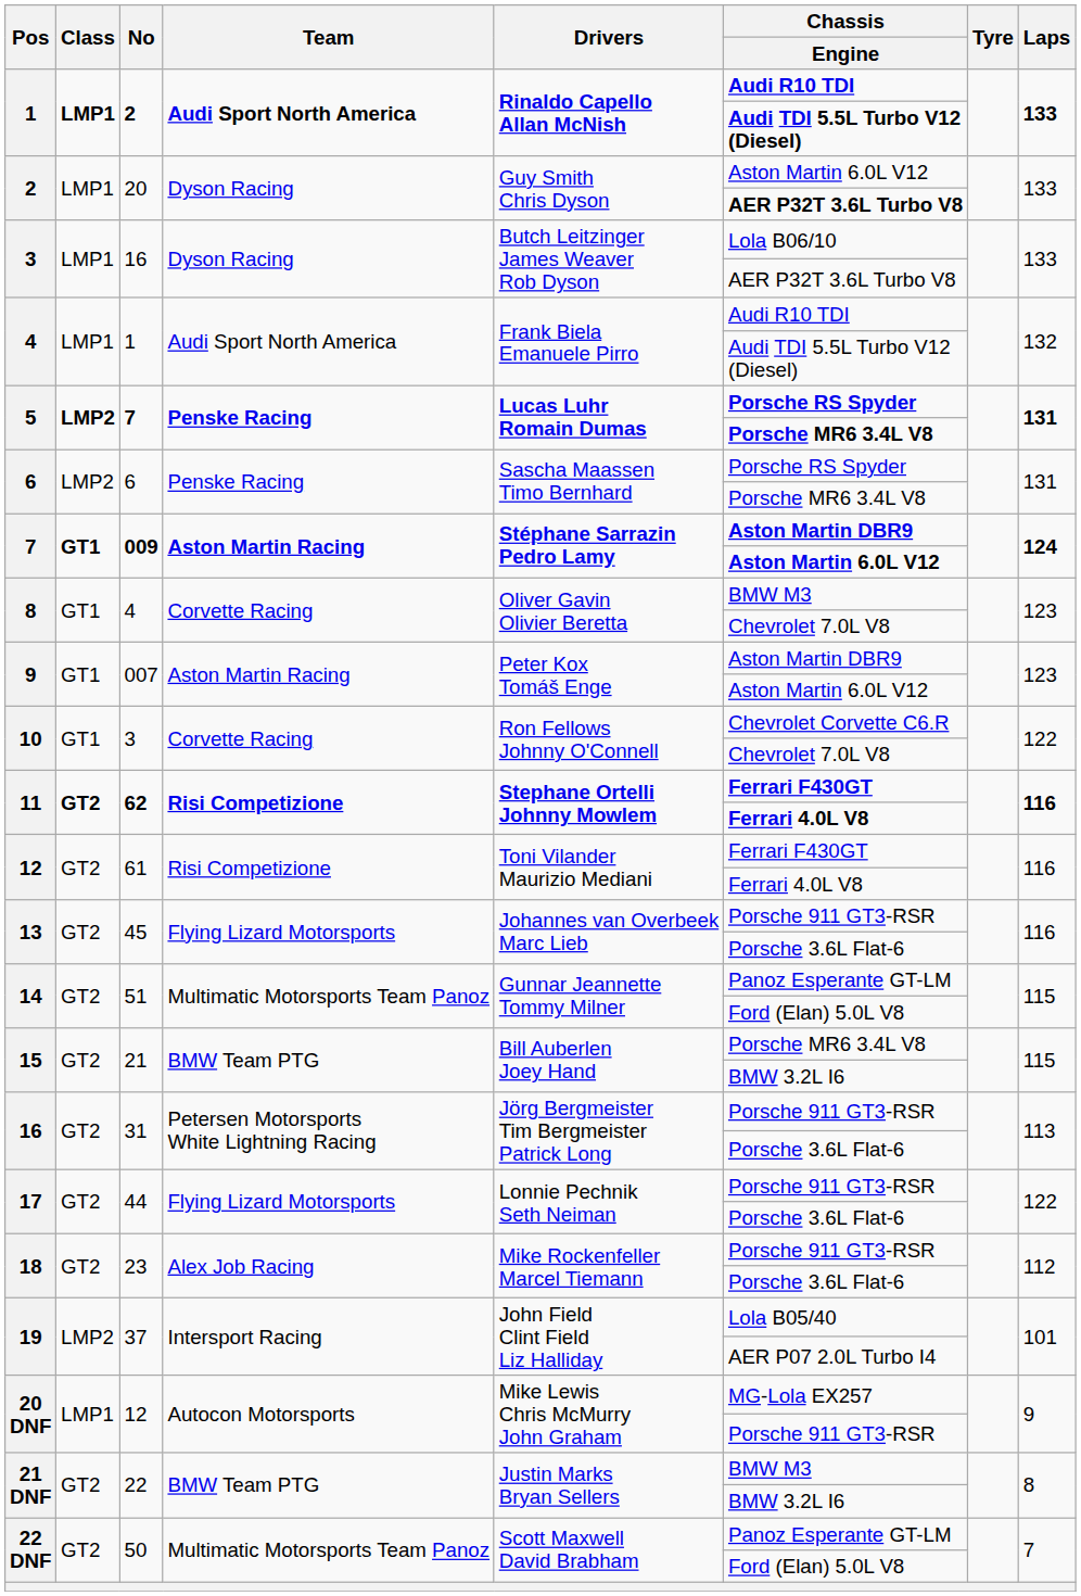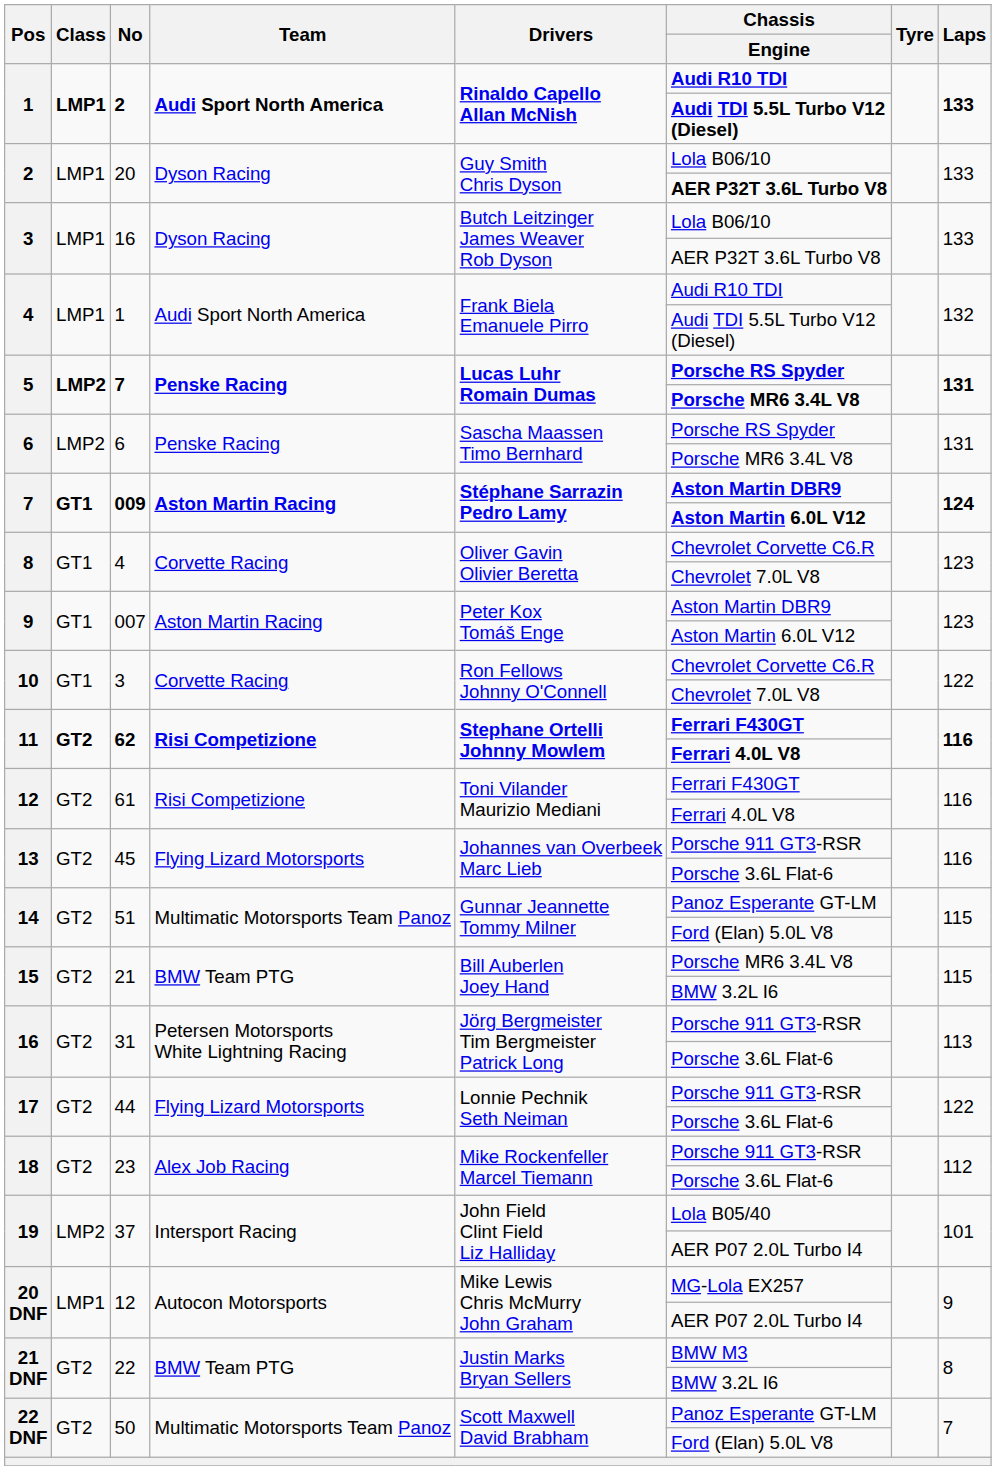 <table class="wikitable" style="font-size: 95%;">
 <tr>
 <th rowspan=2>Pos</th>
 <th rowspan=2>Class</th>
 <th rowspan=2>No</th>
 <th rowspan=2>Team</th>
 <th rowspan=2>Drivers</th>
 <th>Chassis</th>
 <th rowspan=2>Tyre</th>
 <th rowspan=2>Laps</th>
 </tr>
 <tr>
 <th>Engine</th>
 </tr>
 <tr style="font-weight:bold">
 <th rowspan=2>1</th>
 <td rowspan=2>LMP1</td>
 <td rowspan=2>2</td>
 <td rowspan=2> <a href='#'>Audi</a> Sport North America</td>
 <td rowspan=2> <a href='#'>Rinaldo Capello</a><br> <a href='#'>Allan McNish</a></td>
 <td><a href='#'>Audi R10 TDI</a></td>
 <td rowspan=2></td>
 <td rowspan=2>133</td>
 </tr>
 <tr style="font-weight:bold">
 <td><a href='#'>Audi</a> <a href='#'>TDI</a> 5.5L Turbo V12<br>(Diesel)</td>
 </tr>
 <tr>
 <th rowspan=2>2</th>
 <td rowspan=2>LMP1</td>
 <td rowspan=2>20</td>
 <td rowspan=2> <a href='#'>Dyson Racing</a></td>
 <td rowspan=2> <a href='#'>Guy Smith</a><br> <a href='#'>Chris Dyson</a></td>
-<td><a href='#'>Aston Martin</a> 6.0L V12</td>
+<td><a href='#'>Lola</a> B06/10</td>
 <td rowspan=2></td>
 <td rowspan=2>133</td>
 </tr>
 <tr>
 <td><strong>AER P32T 3.6L Turbo V8</strong></td>
 </tr>
 <tr>
 <th rowspan=2>3</th>
 <td rowspan=2>LMP1</td>
 <td rowspan=2>16</td>
 <td rowspan=2> <a href='#'>Dyson Racing</a></td>
 <td rowspan=2> <a href='#'>Butch Leitzinger</a><br> <a href='#'>James Weaver</a><br> <a href='#'>Rob Dyson</a></td>
 <td><a href='#'>Lola</a> B06/10</td>
 <td rowspan=2></td>
 <td rowspan=2>133</td>
 </tr>
 <tr>
 <td>AER P32T 3.6L Turbo V8</td>
 </tr>
 <tr>
 <th rowspan=2>4</th>
 <td rowspan=2>LMP1</td>
 <td rowspan=2>1</td>
 <td rowspan=2> <a href='#'>Audi</a> Sport North America</td>
 <td rowspan=2> <a href='#'>Frank Biela</a><br> <a href='#'>Emanuele Pirro</a></td>
 <td><a href='#'>Audi R10 TDI</a></td>
 <td rowspan=2></td>
 <td rowspan=2>132</td>
 </tr>
 <tr>
 <td><a href='#'>Audi</a> <a href='#'>TDI</a> 5.5L Turbo V12<br>(Diesel)</td>
 </tr>
 <tr style="font-weight:bold">
 <th rowspan=2>5</th>
 <td rowspan=2>LMP2</td>
 <td rowspan=2>7</td>
 <td rowspan=2> <a href='#'>Penske Racing</a></td>
 <td rowspan=2> <a href='#'>Lucas Luhr</a><br> <a href='#'>Romain Dumas</a></td>
 <td><a href='#'>Porsche RS Spyder</a></td>
 <td rowspan=2></td>
 <td rowspan=2>131</td>
 </tr>
 <tr style="font-weight:bold">
 <td><a href='#'>Porsche</a> MR6 3.4L V8</td>
 </tr>
 <tr>
 <th rowspan=2>6</th>
 <td rowspan=2>LMP2</td>
 <td rowspan=2>6</td>
 <td rowspan=2> <a href='#'>Penske Racing</a></td>
 <td rowspan=2> <a href='#'>Sascha Maassen</a><br> <a href='#'>Timo Bernhard</a></td>
 <td><a href='#'>Porsche RS Spyder</a></td>
 <td rowspan=2></td>
 <td rowspan=2>131</td>
 </tr>
 <tr>
 <td><a href='#'>Porsche</a> MR6 3.4L V8</td>
 </tr>
 <tr style="font-weight:bold">
 <th rowspan=2>7</th>
 <td rowspan=2>GT1</td>
 <td rowspan=2>009</td>
 <td rowspan=2> <a href='#'>Aston Martin Racing</a></td>
 <td rowspan=2> <a href='#'>Stéphane Sarrazin</a><br> <a href='#'>Pedro Lamy</a></td>
 <td><a href='#'>Aston Martin DBR9</a></td>
 <td rowspan=2></td>
 <td rowspan=2>124</td>
 </tr>
 <tr style="font-weight:bold">
 <td><a href='#'>Aston Martin</a> 6.0L V12</td>
 </tr>
 <tr>
 <th rowspan=2>8</th>
 <td rowspan=2>GT1</td>
 <td rowspan=2>4</td>
 <td rowspan=2> <a href='#'>Corvette Racing</a></td>
 <td rowspan=2> <a href='#'>Oliver Gavin</a><br> <a href='#'>Olivier Beretta</a></td>
-<td><a href='#'>BMW M3</a></td>
+<td><a href='#'>Chevrolet Corvette C6.R</a></td>
 <td rowspan=2></td>
 <td rowspan=2>123</td>
 </tr>
 <tr>
 <td><a href='#'>Chevrolet</a> 7.0L V8</td>
 </tr>
 <tr>
 <th rowspan=2>9</th>
 <td rowspan=2>GT1</td>
 <td rowspan=2>007</td>
 <td rowspan=2> <a href='#'>Aston Martin Racing</a></td>
 <td rowspan=2> <a href='#'>Peter Kox</a><br> <a href='#'>Tomáš Enge</a></td>
 <td><a href='#'>Aston Martin DBR9</a></td>
 <td rowspan=2></td>
 <td rowspan=2>123</td>
 </tr>
 <tr>
 <td><a href='#'>Aston Martin</a> 6.0L V12</td>
 </tr>
 <tr>
 <th rowspan=2>10</th>
 <td rowspan=2>GT1</td>
 <td rowspan=2>3</td>
 <td rowspan=2> <a href='#'>Corvette Racing</a></td>
 <td rowspan=2> <a href='#'>Ron Fellows</a><br> <a href='#'>Johnny O'Connell</a></td>
 <td><a href='#'>Chevrolet Corvette C6.R</a></td>
 <td rowspan=2></td>
 <td rowspan=2>122</td>
 </tr>
 <tr>
 <td><a href='#'>Chevrolet</a> 7.0L V8</td>
 </tr>
 <tr style="font-weight:bold">
 <th rowspan=2>11</th>
 <td rowspan=2>GT2</td>
 <td rowspan=2>62</td>
 <td rowspan=2> <a href='#'>Risi Competizione</a></td>
 <td rowspan=2> <a href='#'>Stephane Ortelli</a><br> <a href='#'>Johnny Mowlem</a></td>
 <td><a href='#'>Ferrari F430GT</a></td>
 <td rowspan=2></td>
 <td rowspan=2>116</td>
 </tr>
 <tr style="font-weight:bold">
 <td><a href='#'>Ferrari</a> 4.0L V8</td>
 </tr>
 <tr>
 <th rowspan=2>12</th>
 <td rowspan=2>GT2</td>
 <td rowspan=2>61</td>
 <td rowspan=2> <a href='#'>Risi Competizione</a></td>
 <td rowspan=2> <a href='#'>Toni Vilander</a><br> Maurizio Mediani</td>
 <td><a href='#'>Ferrari F430GT</a></td>
 <td rowspan=2></td>
 <td rowspan=2>116</td>
 </tr>
 <tr>
 <td><a href='#'>Ferrari</a> 4.0L V8</td>
 </tr>
 <tr>
 <th rowspan=2>13</th>
 <td rowspan=2>GT2</td>
 <td rowspan=2>45</td>
 <td rowspan=2> <a href='#'>Flying Lizard Motorsports</a></td>
 <td rowspan=2> <a href='#'>Johannes van Overbeek</a><br> <a href='#'>Marc Lieb</a></td>
 <td><a href='#'>Porsche 911 GT3</a>-RSR</td>
 <td rowspan=2></td>
 <td rowspan=2>116</td>
 </tr>
 <tr>
 <td><a href='#'>Porsche</a> 3.6L Flat-6</td>
 </tr>
 <tr>
 <th rowspan=2>14</th>
 <td rowspan=2>GT2</td>
 <td rowspan=2>51</td>
 <td rowspan=2> Multimatic Motorsports Team <a href='#'>Panoz</a></td>
 <td rowspan=2> <a href='#'>Gunnar Jeannette</a><br> <a href='#'>Tommy Milner</a></td>
 <td><a href='#'>Panoz Esperante</a> GT-LM</td>
 <td rowspan=2></td>
 <td rowspan=2>115</td>
 </tr>
 <tr>
 <td><a href='#'>Ford</a> (Elan) 5.0L V8</td>
 </tr>
 <tr>
 <th rowspan=2>15</th>
 <td rowspan=2>GT2</td>
 <td rowspan=2>21</td>
 <td rowspan=2> <a href='#'>BMW</a> Team PTG</td>
 <td rowspan=2> <a href='#'>Bill Auberlen</a><br> <a href='#'>Joey Hand</a></td>
 <td><a href='#'>Porsche</a> MR6 3.4L V8</td>
 <td rowspan=2></td>
 <td rowspan=2>115</td>
 </tr>
 <tr>
 <td><a href='#'>BMW</a> 3.2L I6</td>
 </tr>
 <tr>
 <th rowspan=2>16</th>
 <td rowspan=2>GT2</td>
 <td rowspan=2>31</td>
 <td rowspan=2> Petersen Motorsports<br> White Lightning Racing</td>
 <td rowspan=2> <a href='#'>Jörg Bergmeister</a><br> Tim Bergmeister<br> <a href='#'>Patrick Long</a></td>
 <td><a href='#'>Porsche 911 GT3</a>-RSR</td>
 <td rowspan=2></td>
 <td rowspan=2>113</td>
 </tr>
 <tr>
 <td><a href='#'>Porsche</a> 3.6L Flat-6</td>
 </tr>
 <tr>
 <th rowspan=2>17</th>
 <td rowspan=2>GT2</td>
 <td rowspan=2>44</td>
 <td rowspan=2> <a href='#'>Flying Lizard Motorsports</a></td>
 <td rowspan=2> Lonnie Pechnik<br> <a href='#'>Seth Neiman</a></td>
 <td><a href='#'>Porsche 911 GT3</a>-RSR</td>
 <td rowspan=2></td>
 <td rowspan=2>122</td>
 </tr>
 <tr>
 <td><a href='#'>Porsche</a> 3.6L Flat-6</td>
 </tr>
 <tr>
 <th rowspan=2>18</th>
 <td rowspan=2>GT2</td>
 <td rowspan=2>23</td>
 <td rowspan=2> <a href='#'>Alex Job Racing</a></td>
 <td rowspan=2> <a href='#'>Mike Rockenfeller</a><br> <a href='#'>Marcel Tiemann</a></td>
 <td><a href='#'>Porsche 911 GT3</a>-RSR</td>
 <td rowspan=2></td>
 <td rowspan=2>112</td>
 </tr>
 <tr>
 <td><a href='#'>Porsche</a> 3.6L Flat-6</td>
 </tr>
 <tr>
 <th rowspan=2>19</th>
 <td rowspan=2>LMP2</td>
 <td rowspan=2>37</td>
 <td rowspan=2> Intersport Racing</td>
 <td rowspan=2> John Field<br> Clint Field<br> <a href='#'>Liz Halliday</a></td>
 <td><a href='#'>Lola</a> B05/40</td>
 <td rowspan=2></td>
 <td rowspan=2>101</td>
 </tr>
 <tr>
 <td>AER P07 2.0L Turbo I4</td>
 </tr>
 <tr>
 <th rowspan=2>20<br>DNF</th>
 <td rowspan=2>LMP1</td>
 <td rowspan=2>12</td>
 <td rowspan=2> Autocon Motorsports</td>
 <td rowspan=2> Mike Lewis<br> Chris McMurry<br> <a href='#'>John Graham</a></td>
 <td><a href='#'>MG</a>-<a href='#'>Lola</a> EX257</td>
 <td rowspan=2></td>
 <td rowspan=2>9</td>
 </tr>
 <tr>
-<td><a href='#'>Porsche 911 GT3</a>-RSR</td>
+<td>AER P07 2.0L Turbo I4</td>
 </tr>
 <tr>
 <th rowspan=2>21<br>DNF</th>
 <td rowspan=2>GT2</td>
 <td rowspan=2>22</td>
 <td rowspan=2> <a href='#'>BMW</a> Team PTG</td>
 <td rowspan=2> <a href='#'>Justin Marks</a><br> <a href='#'>Bryan Sellers</a></td>
 <td><a href='#'>BMW M3</a></td>
 <td rowspan=2></td>
 <td rowspan=2>8</td>
 </tr>
 <tr>
 <td><a href='#'>BMW</a> 3.2L I6</td>
 </tr>
 <tr>
 <th rowspan=2>22<br>DNF</th>
 <td rowspan=2>GT2</td>
 <td rowspan=2>50</td>
 <td rowspan=2> Multimatic Motorsports Team <a href='#'>Panoz</a></td>
 <td rowspan=2> <a href='#'>Scott Maxwell</a><br> <a href='#'>David Brabham</a></td>
 <td><a href='#'>Panoz Esperante</a> GT-LM</td>
 <td rowspan=2></td>
 <td rowspan=2>7</td>
 </tr>
 <tr>
 <td><a href='#'>Ford</a> (Elan) 5.0L V8</td>
 </tr>
 <tr>
 <th colspan=8> </th>
 </tr>
 </table>
